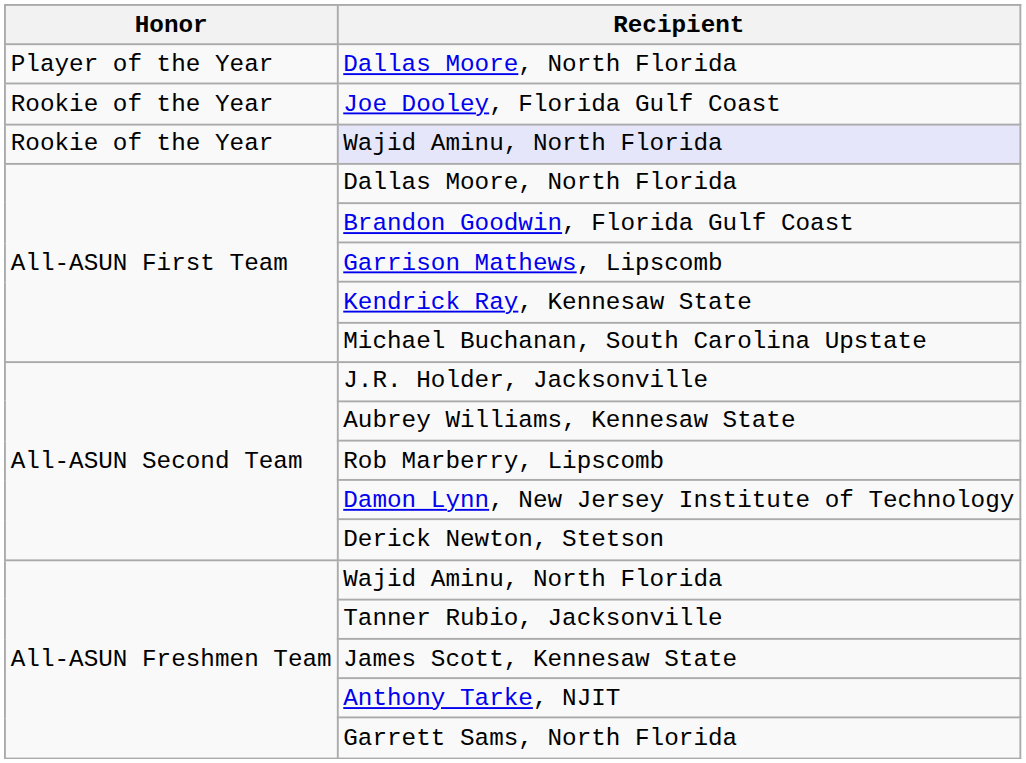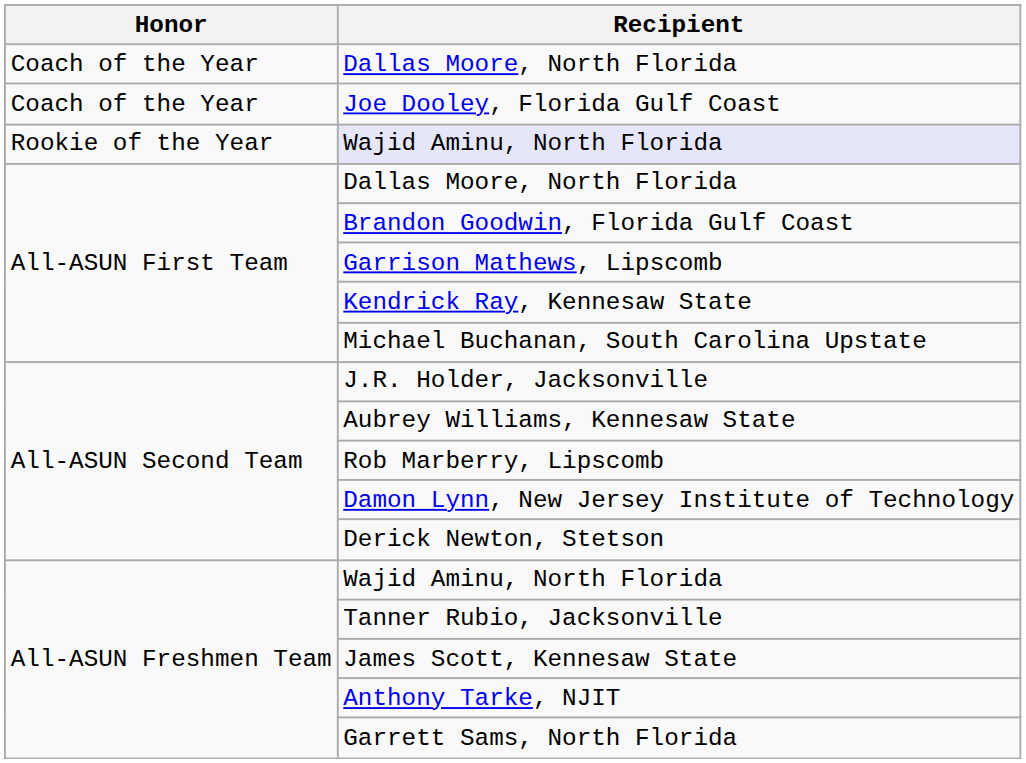 <table class="wikitable" border="1">
 <tr>
 <th>Honor</th>
 <th>Recipient</th>
 </tr>
 <tr>
-<td>Player of the Year</td>
+<td>Coach of the Year</td>
 <td><a href='#'>Dallas Moore</a>, North Florida</td>
 </tr>
 <tr>
-<td>Rookie of the Year</td>
+<td>Coach of the Year</td>
 <td><a href='#'>Joe Dooley</a>, Florida Gulf Coast</td>
 </tr>
 <tr>
 <td>Rookie of the Year</td>
 <td style="background: lavender;">Wajid Aminu, North Florida</td>
 </tr>
 <tr>
 <td rowspan=5 valign=middle>All-ASUN First Team</td>
 <td>Dallas Moore, North Florida</td>
 </tr>
 <tr>
 <td><a href='#'>Brandon Goodwin</a>, Florida Gulf Coast</td>
 </tr>
 <tr>
 <td><a href='#'>Garrison Mathews</a>, Lipscomb</td>
 </tr>
 <tr>
 <td><a href='#'>Kendrick Ray</a>, Kennesaw State</td>
 </tr>
 <tr>
 <td>Michael Buchanan, South Carolina Upstate</td>
 </tr>
 <tr>
 <td rowspan=5 valign=middle>All-ASUN Second Team</td>
 <td>J.R. Holder, Jacksonville</td>
 </tr>
 <tr>
 <td>Aubrey Williams, Kennesaw State</td>
 </tr>
 <tr>
 <td>Rob Marberry, Lipscomb</td>
 </tr>
 <tr>
 <td><a href='#'>Damon Lynn</a>, New Jersey Institute of Technology</td>
 </tr>
 <tr>
 <td>Derick Newton, Stetson</td>
 </tr>
 <tr>
 <td rowspan=5 valign=middle>All-ASUN Freshmen Team</td>
 <td>Wajid Aminu, North Florida</td>
 </tr>
 <tr>
 <td>Tanner Rubio, Jacksonville</td>
 </tr>
 <tr>
 <td>James Scott, Kennesaw State</td>
 </tr>
 <tr>
 <td><a href='#'>Anthony Tarke</a>, NJIT</td>
 </tr>
 <tr>
 <td>Garrett Sams, North Florida</td>
 </tr>
 </table>
